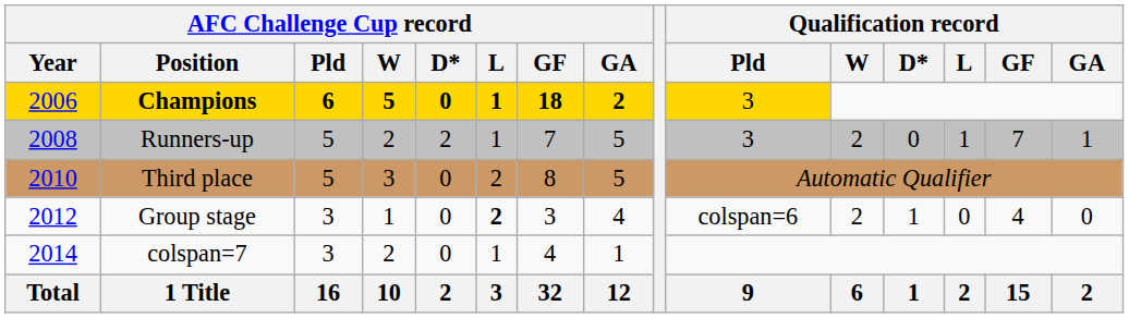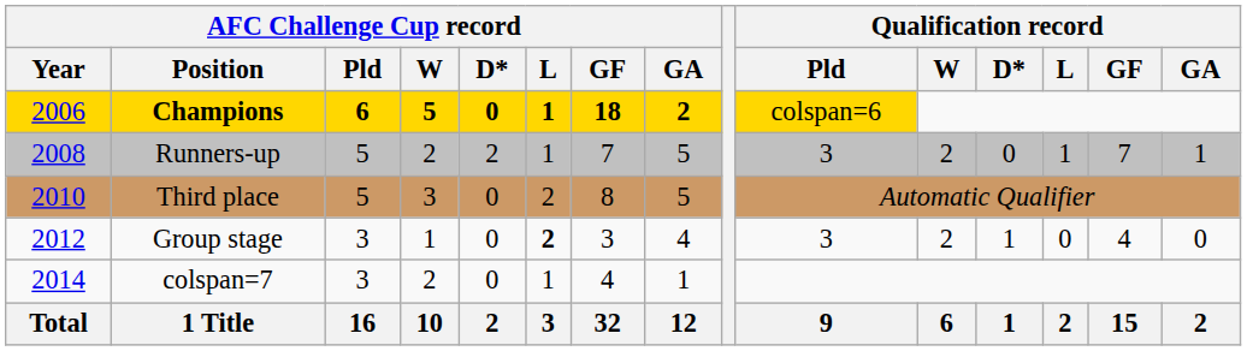 <table class="wikitable" style="text-align: center;">
 <tr>
 <th colspan=8><a href='#'>AFC Challenge Cup</a> record</th>
 <th style="width:1%;" rowspan=8></th>
 <th colspan=6>Qualification record</th>
 </tr>
 <tr>
 <th>Year</th>
 <th>Position</th>
 <th>Pld</th>
 <th>W</th>
 <th>D*</th>
 <th>L</th>
 <th>GF</th>
 <th>GA</th>
 <th>Pld</th>
 <th>W</th>
 <th>D*</th>
 <th>L</th>
 <th>GF</th>
 <th>GA</th>
 </tr>
 <tr style="background:gold;">
 <td> <a href='#'>2006</a></td>
 <td><strong>Champions</strong></td>
 <td><strong>6</strong></td>
 <td><strong>5</strong></td>
 <td><strong>0</strong></td>
 <td><strong>1</strong></td>
 <td><strong>18</strong></td>
 <td><strong>2</strong></td>
-<td>3</td>
+<td>colspan=6 </td>
 </tr>
 <tr style="background:silver;">
 <td> <a href='#'>2008</a></td>
 <td>Runners-up</td>
 <td>5</td>
 <td>2</td>
 <td>2</td>
 <td>1</td>
 <td>7</td>
 <td>5</td>
 <td>3</td>
 <td>2</td>
 <td>0</td>
 <td>1</td>
 <td>7</td>
 <td>1</td>
 </tr>
 <tr style="background:#c96;">
 <td> <a href='#'>2010</a></td>
 <td>Third place</td>
 <td>5</td>
 <td>3</td>
 <td>0</td>
 <td>2</td>
 <td>8</td>
 <td>5</td>
 <td colspan=6><em>Automatic Qualifier</em></td>
 </tr>
 <tr>
 <td> <a href='#'>2012</a></td>
 <td>Group stage</td>
 <td>3</td>
 <td>1</td>
 <td>0</td>
 <td><strong>2</strong></td>
 <td>3</td>
 <td>4</td>
-<td>colspan=6 </td>
+<td>3</td>
 <td>2</td>
 <td>1</td>
 <td>0</td>
 <td>4</td>
 <td>0</td>
 </tr>
 <tr>
 <td> <a href='#'>2014</a></td>
 <td>colspan=7 </td>
 <td>3</td>
 <td>2</td>
 <td>0</td>
 <td>1</td>
 <td>4</td>
 <td>1</td>
 </tr>
 <tr>
 <th>Total</th>
 <th>1 Title</th>
 <th>16</th>
 <th>10</th>
 <th>2</th>
 <th>3</th>
 <th>32</th>
 <th>12</th>
 <th>9</th>
 <th>6</th>
 <th>1</th>
 <th>2</th>
 <th>15</th>
 <th>2</th>
 </tr>
 </table>
